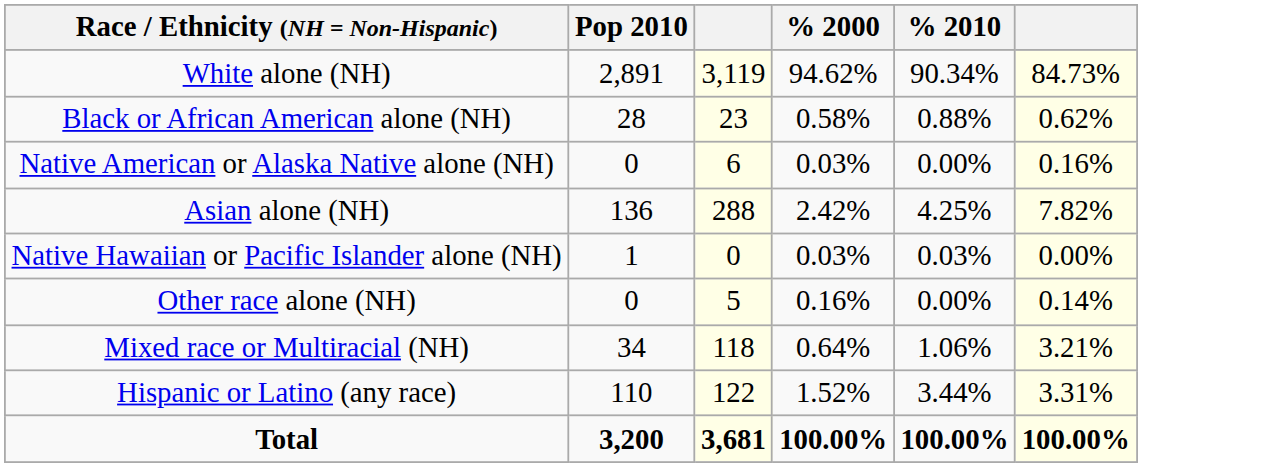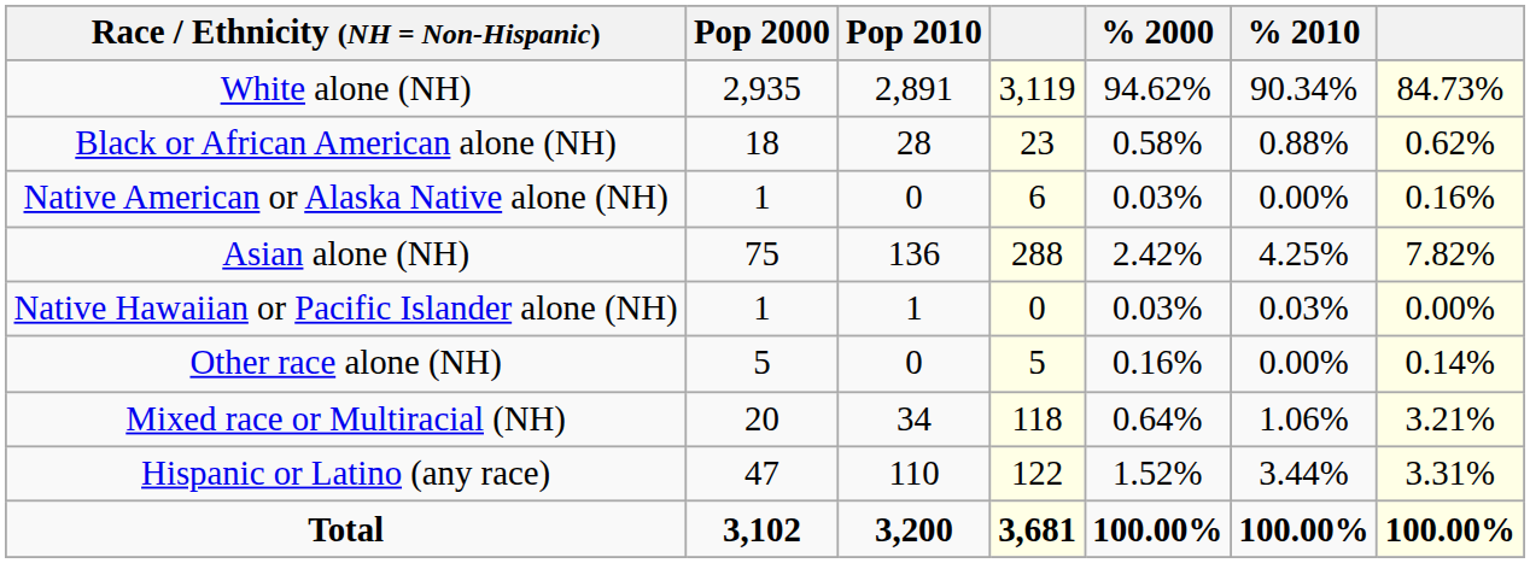 <table class="wikitable" style="text-align:center;">
 <tr>
 <th>Race / Ethnicity <small>(<em>NH = Non-Hispanic</em>)</small></th>
+<th>Pop 2000</th>
 <th>Pop 2010</th>
 <th></th>
 <th>% 2000</th>
 <th>% 2010</th>
 <th></th>
 </tr>
 <tr>
 <td><a href='#'>White</a> alone (NH)</td>
+<td>2,935</td>
 <td>2,891</td>
 <td style='background: #ffffe6;'>3,119</td>
 <td>94.62%</td>
 <td>90.34%</td>
 <td style='background: #ffffe6;'>84.73%</td>
 </tr>
 <tr>
 <td><a href='#'>Black or African American</a> alone (NH)</td>
+<td>18</td>
 <td>28</td>
 <td style='background: #ffffe6;'>23</td>
 <td>0.58%</td>
 <td>0.88%</td>
 <td style='background: #ffffe6;'>0.62%</td>
 </tr>
 <tr>
 <td><a href='#'>Native American</a> or <a href='#'>Alaska Native</a> alone (NH)</td>
+<td>1</td>
 <td>0</td>
 <td style='background: #ffffe6;'>6</td>
 <td>0.03%</td>
 <td>0.00%</td>
 <td style='background: #ffffe6;'>0.16%</td>
 </tr>
 <tr>
 <td><a href='#'>Asian</a> alone (NH)</td>
+<td>75</td>
 <td>136</td>
 <td style='background: #ffffe6;'>288</td>
 <td>2.42%</td>
 <td>4.25%</td>
 <td style='background: #ffffe6;'>7.82%</td>
 </tr>
 <tr>
 <td><a href='#'>Native Hawaiian</a> or <a href='#'>Pacific Islander</a> alone (NH)</td>
 <td>1</td>
+<td>1</td>
 <td style='background: #ffffe6;'>0</td>
 <td>0.03%</td>
 <td>0.03%</td>
 <td style='background: #ffffe6;'>0.00%</td>
 </tr>
 <tr>
 <td><a href='#'>Other race</a> alone (NH)</td>
+<td>5</td>
 <td>0</td>
 <td style='background: #ffffe6;'>5</td>
 <td>0.16%</td>
 <td>0.00%</td>
 <td style='background: #ffffe6;'>0.14%</td>
 </tr>
 <tr>
 <td><a href='#'>Mixed race or Multiracial</a> (NH)</td>
+<td>20</td>
 <td>34</td>
 <td style='background: #ffffe6;'>118</td>
 <td>0.64%</td>
 <td>1.06%</td>
 <td style='background: #ffffe6;'>3.21%</td>
 </tr>
 <tr>
 <td><a href='#'>Hispanic or Latino</a> (any race)</td>
+<td>47</td>
 <td>110</td>
 <td style='background: #ffffe6;'>122</td>
 <td>1.52%</td>
 <td>3.44%</td>
 <td style='background: #ffffe6;'>3.31%</td>
 </tr>
 <tr>
 <td><strong>Total</strong></td>
+<td><strong>3,102</strong></td>
 <td><strong>3,200</strong></td>
 <td style='background: #ffffe6;'><strong>3,681</strong></td>
 <td><strong>100.00%</strong></td>
 <td><strong>100.00%</strong></td>
 <td style='background: #ffffe6;'><strong>100.00%</strong></td>
 </tr>
 </table>
